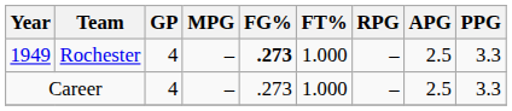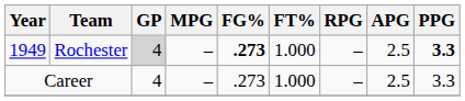 <table class="wikitable sortable" style="font-size:95%; text-align:right;">
 <tr>
 <th>Year</th>
 <th>Team</th>
 <th>GP</th>
 <th>MPG</th>
 <th>FG%</th>
 <th>FT%</th>
 <th>RPG</th>
 <th>APG</th>
 <th>PPG</th>
 </tr>
 <tr>
 <td style="text-align:left;"><a href='#'>1949</a></td>
 <td style="text-align:left;"><a href='#'>Rochester</a></td>
-<td>4</td>
+<td style="background: lightgrey;">4</td>
 <td>–</td>
 <td><strong>.273</strong></td>
 <td>1.000</td>
 <td>–</td>
 <td>2.5</td>
-<td>3.3</td>
+<td><strong>3.3</strong></td>
 </tr>
 <tr>
 <td style="text-align:center;" colspan="2">Career</td>
 <td>4</td>
 <td>–</td>
 <td>.273</td>
 <td>1.000</td>
 <td>–</td>
 <td>2.5</td>
 <td>3.3</td>
 </tr>
 <tr>
 </tr>
 </table>
